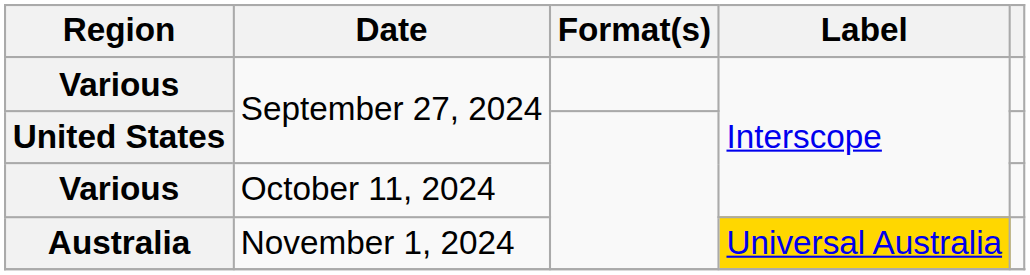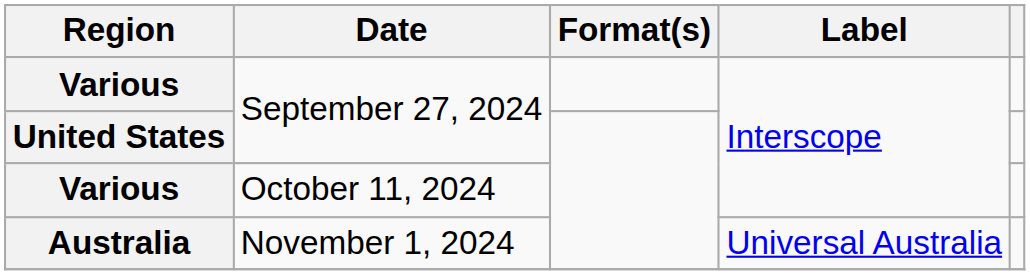 <table class="wikitable plainrowheaders">
 <tr>
 <th scope="col">Region</th>
 <th scope="col">Date</th>
 <th scope="col">Format(s)</th>
 <th scope="col">Label</th>
 <th scope="col"></th>
 </tr>
 <tr>
 <th scope="row">Various</th>
 <td rowspan="2">September 27, 2024</td>
 <td></td>
 <td rowspan="3"><a href='#'>Interscope</a></td>
 <td style="text-align:center"></td>
 </tr>
 <tr>
 <th scope="row">United States</th>
 <td rowspan="3"></td>
 <td style="text-align:center"></td>
 </tr>
 <tr>
 <th scope="row">Various</th>
 <td>October 11, 2024</td>
 <td style="text-align:center"></td>
 </tr>
 <tr>
 <th scope="row">Australia</th>
 <td>November 1, 2024</td>
-<td style="background: gold;"><a href='#'>Universal Australia</a></td>
+<td><a href='#'>Universal Australia</a></td>
 <td style="text-align:center"></td>
 </tr>
 <tr>
 </tr>
 </table>
